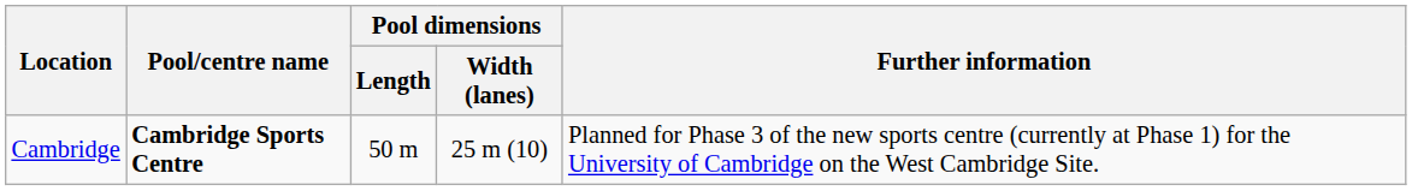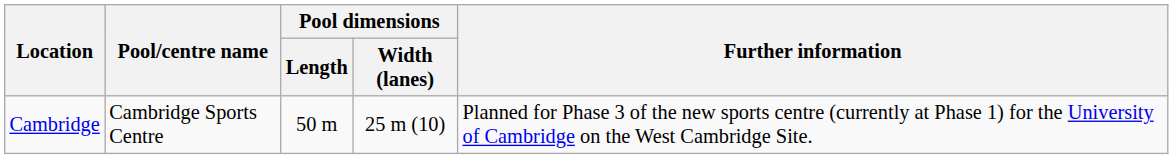 <table class="wikitable" style="font-size:95%">
 <tr>
 <th rowspan="2">Location</th>
 <th rowspan="2">Pool/centre name</th>
 <th colspan="2">Pool dimensions</th>
 <th rowspan="2">Further information</th>
 </tr>
 <tr>
 <th>Length</th>
 <th>Width (lanes)</th>
 </tr>
 <tr>
 <td><a href='#'>Cambridge</a></td>
-<td><strong>Cambridge Sports Centre</strong></td>
+<td>Cambridge Sports Centre</td>
 <td align="center">50 m</td>
 <td align="center">25 m (10)</td>
 <td>Planned for Phase 3 of the new sports centre (currently at Phase 1) for the <a href='#'>University of Cambridge</a> on the West Cambridge Site.</td>
 </tr>
 </table>
